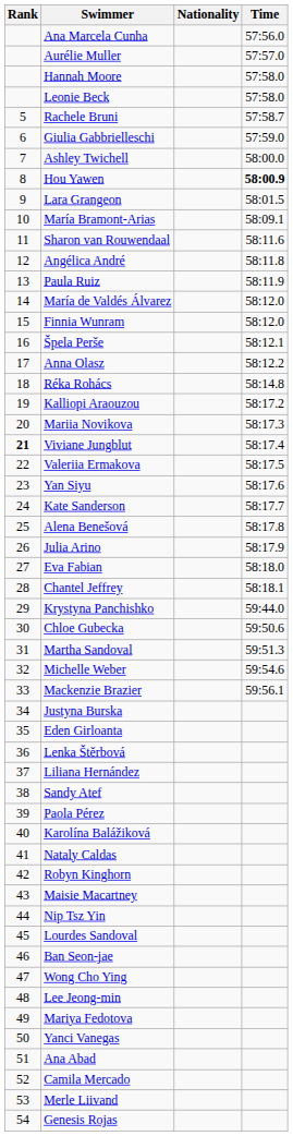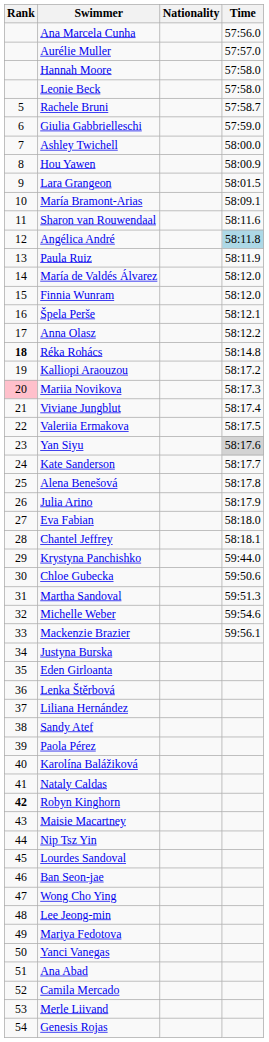 <table class="wikitable sortable" border="1" style="text-align:center">
 <tr>
 <th>Rank</th>
 <th>Swimmer</th>
 <th>Nationality</th>
 <th>Time</th>
 </tr>
 <tr>
 <td></td>
 <td align=left><a href='#'>Ana Marcela Cunha</a></td>
 <td align=left></td>
 <td>57:56.0</td>
 </tr>
 <tr>
 <td></td>
 <td align=left><a href='#'>Aurélie Muller</a></td>
 <td align=left></td>
 <td>57:57.0</td>
 </tr>
 <tr>
 <td></td>
 <td align=left><a href='#'>Hannah Moore</a></td>
 <td align=left></td>
 <td>57:58.0</td>
 </tr>
 <tr>
 <td></td>
 <td align=left><a href='#'>Leonie Beck</a></td>
 <td align=left></td>
 <td>57:58.0</td>
 </tr>
 <tr>
 <td>5</td>
 <td align=left><a href='#'>Rachele Bruni</a></td>
 <td align=left></td>
 <td>57:58.7</td>
 </tr>
 <tr>
 <td>6</td>
 <td align=left><a href='#'>Giulia Gabbrielleschi</a></td>
 <td align=left></td>
 <td>57:59.0</td>
 </tr>
 <tr>
 <td>7</td>
 <td align=left><a href='#'>Ashley Twichell</a></td>
 <td align=left></td>
 <td>58:00.0</td>
 </tr>
 <tr>
 <td>8</td>
 <td align=left><a href='#'>Hou Yawen</a></td>
 <td align=left></td>
-<td><strong>58:00.9</strong></td>
+<td>58:00.9</td>
 </tr>
 <tr>
 <td>9</td>
 <td align=left><a href='#'>Lara Grangeon</a></td>
 <td align=left></td>
 <td>58:01.5</td>
 </tr>
 <tr>
 <td>10</td>
 <td align=left><a href='#'>María Bramont-Arias</a></td>
 <td align=left></td>
 <td>58:09.1</td>
 </tr>
 <tr>
 <td>11</td>
 <td align=left><a href='#'>Sharon van Rouwendaal</a></td>
 <td align=left></td>
 <td>58:11.6</td>
 </tr>
 <tr>
 <td>12</td>
 <td align=left><a href='#'>Angélica André</a></td>
 <td align=left></td>
-<td>58:11.8</td>
+<td style="background: lightblue;">58:11.8</td>
 </tr>
 <tr>
 <td>13</td>
 <td align=left><a href='#'>Paula Ruiz</a></td>
 <td align=left></td>
 <td>58:11.9</td>
 </tr>
 <tr>
 <td>14</td>
 <td align=left><a href='#'>María de Valdés Álvarez</a></td>
 <td align=left></td>
 <td>58:12.0</td>
 </tr>
 <tr>
 <td>15</td>
 <td align=left><a href='#'>Finnia Wunram</a></td>
 <td align=left></td>
 <td>58:12.0</td>
 </tr>
 <tr>
 <td>16</td>
 <td align=left><a href='#'>Špela Perše</a></td>
 <td align=left></td>
 <td>58:12.1</td>
 </tr>
 <tr>
 <td>17</td>
 <td align=left><a href='#'>Anna Olasz</a></td>
 <td align=left></td>
 <td>58:12.2</td>
 </tr>
 <tr>
-<td>18</td>
+<td><strong>18</strong></td>
 <td align=left><a href='#'>Réka Rohács</a></td>
 <td align=left></td>
 <td>58:14.8</td>
 </tr>
 <tr>
 <td>19</td>
 <td align=left><a href='#'>Kalliopi Araouzou</a></td>
 <td align=left></td>
 <td>58:17.2</td>
 </tr>
 <tr>
-<td>20</td>
+<td style="background: pink;">20</td>
 <td align=left><a href='#'>Mariia Novikova</a></td>
 <td align=left></td>
 <td>58:17.3</td>
 </tr>
 <tr>
-<td><strong>21</strong></td>
+<td>21</td>
 <td align=left><a href='#'>Viviane Jungblut</a></td>
 <td align=left></td>
 <td>58:17.4</td>
 </tr>
 <tr>
 <td>22</td>
 <td align=left><a href='#'>Valeriia Ermakova</a></td>
 <td align=left></td>
 <td>58:17.5</td>
 </tr>
 <tr>
 <td>23</td>
 <td align=left><a href='#'>Yan Siyu</a></td>
 <td align=left></td>
-<td>58:17.6</td>
+<td style="background: lightgrey;">58:17.6</td>
 </tr>
 <tr>
 <td>24</td>
 <td align=left><a href='#'>Kate Sanderson</a></td>
 <td align=left></td>
 <td>58:17.7</td>
 </tr>
 <tr>
 <td>25</td>
 <td align=left><a href='#'>Alena Benešová</a></td>
 <td align=left></td>
 <td>58:17.8</td>
 </tr>
 <tr>
 <td>26</td>
 <td align=left><a href='#'>Julia Arino</a></td>
 <td align=left></td>
 <td>58:17.9</td>
 </tr>
 <tr>
 <td>27</td>
 <td align=left><a href='#'>Eva Fabian</a></td>
 <td align=left></td>
 <td>58:18.0</td>
 </tr>
 <tr>
 <td>28</td>
 <td align=left><a href='#'>Chantel Jeffrey</a></td>
 <td align=left></td>
 <td>58:18.1</td>
 </tr>
 <tr>
 <td>29</td>
 <td align=left><a href='#'>Krystyna Panchishko</a></td>
 <td align=left></td>
 <td>59:44.0</td>
 </tr>
 <tr>
 <td>30</td>
 <td align=left><a href='#'>Chloe Gubecka</a></td>
 <td align=left></td>
 <td>59:50.6</td>
 </tr>
 <tr>
 <td>31</td>
 <td align=left><a href='#'>Martha Sandoval</a></td>
 <td align=left></td>
 <td>59:51.3</td>
 </tr>
 <tr>
 <td>32</td>
 <td align=left><a href='#'>Michelle Weber</a></td>
 <td align=left></td>
 <td>59:54.6</td>
 </tr>
 <tr>
 <td>33</td>
 <td align=left><a href='#'>Mackenzie Brazier</a></td>
 <td align=left></td>
 <td>59:56.1</td>
 </tr>
 <tr>
 <td>34</td>
 <td align=left><a href='#'>Justyna Burska</a></td>
 <td align=left></td>
 <td></td>
 </tr>
 <tr>
 <td>35</td>
 <td align=left><a href='#'>Eden Girloanta</a></td>
 <td align=left></td>
 <td></td>
 </tr>
 <tr>
 <td>36</td>
 <td align=left><a href='#'>Lenka Štěrbová</a></td>
 <td align=left></td>
 <td></td>
 </tr>
 <tr>
 <td>37</td>
 <td align=left><a href='#'>Liliana Hernández</a></td>
 <td align=left></td>
 <td></td>
 </tr>
 <tr>
 <td>38</td>
 <td align=left><a href='#'>Sandy Atef</a></td>
 <td align=left></td>
 <td></td>
 </tr>
 <tr>
 <td>39</td>
 <td align=left><a href='#'>Paola Pérez</a></td>
 <td align=left></td>
 <td></td>
 </tr>
 <tr>
 <td>40</td>
 <td align=left><a href='#'>Karolína Balážiková</a></td>
 <td align=left></td>
 <td></td>
 </tr>
 <tr>
 <td>41</td>
 <td align=left><a href='#'>Nataly Caldas</a></td>
 <td align=left></td>
 <td></td>
 </tr>
 <tr>
-<td>42</td>
+<td><strong>42</strong></td>
 <td align=left><a href='#'>Robyn Kinghorn</a></td>
 <td align=left></td>
 <td></td>
 </tr>
 <tr>
 <td>43</td>
 <td align=left><a href='#'>Maisie Macartney</a></td>
 <td align=left></td>
 <td></td>
 </tr>
 <tr>
 <td>44</td>
 <td align=left><a href='#'>Nip Tsz Yin</a></td>
 <td align=left></td>
 <td></td>
 </tr>
 <tr>
 <td>45</td>
 <td align=left><a href='#'>Lourdes Sandoval</a></td>
 <td align=left></td>
 <td></td>
 </tr>
 <tr>
 <td>46</td>
 <td align=left><a href='#'>Ban Seon-jae</a></td>
 <td align=left></td>
 <td></td>
 </tr>
 <tr>
 <td>47</td>
 <td align=left><a href='#'>Wong Cho Ying</a></td>
 <td align=left></td>
 <td></td>
 </tr>
 <tr>
 <td>48</td>
 <td align=left><a href='#'>Lee Jeong-min</a></td>
 <td align=left></td>
 <td></td>
 </tr>
 <tr>
 <td>49</td>
 <td align=left><a href='#'>Mariya Fedotova</a></td>
 <td align=left></td>
 <td></td>
 </tr>
 <tr>
 <td>50</td>
 <td align=left><a href='#'>Yanci Vanegas</a></td>
 <td align=left></td>
 <td></td>
 </tr>
 <tr>
 <td>51</td>
 <td align=left><a href='#'>Ana Abad</a></td>
 <td align=left></td>
 <td></td>
 </tr>
 <tr>
 <td>52</td>
 <td align=left><a href='#'>Camila Mercado</a></td>
 <td align=left></td>
 <td></td>
 </tr>
 <tr>
 <td>53</td>
 <td align=left><a href='#'>Merle Liivand</a></td>
 <td align=left></td>
 <td></td>
 </tr>
 <tr>
 <td>54</td>
 <td align=left><a href='#'>Genesis Rojas</a></td>
 <td align=left></td>
 <td></td>
 </tr>
 </table>
